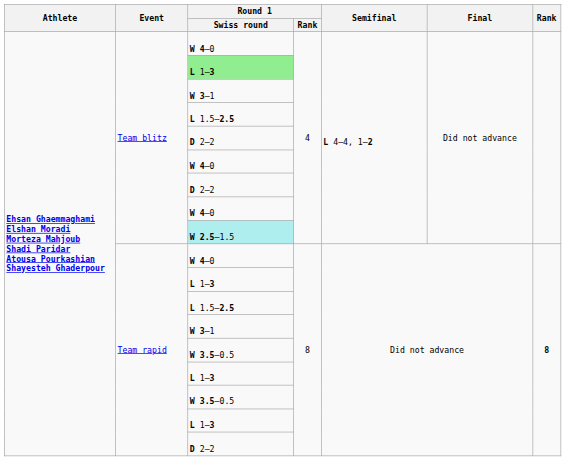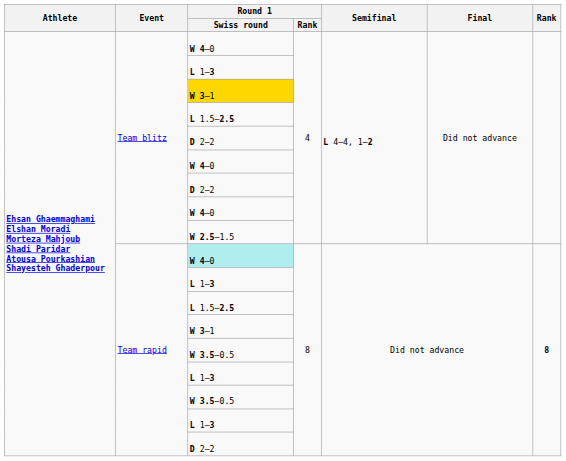 <table class="wikitable" width="90%" style="text-align:left; font-size:90%">
 <tr>
 <th rowspan="2" width="20%">Athlete</th>
 <th rowspan="2" width="13%">Event</th>
 <th colspan="2">Round 1</th>
 <th rowspan="2" width="19%">Semifinal</th>
 <th rowspan="2" width="19%">Final</th>
 <th rowspan="2" width="5%">Rank</th>
 </tr>
 <tr>
 <th width="19%">Swiss round</th>
 <th width="5%">Rank</th>
 </tr>
 <tr>
 <td rowspan="18"><strong><a href='#'>Ehsan Ghaemmaghami</a><br><a href='#'>Elshan Moradi</a><br><a href='#'>Morteza Mahjoub</a><br><a href='#'>Shadi Paridar</a><br><a href='#'>Atousa Pourkashian</a><br><a href='#'>Shayesteh Ghaderpour</a></strong></td>
 <td rowspan="9"><a href='#'>Team blitz</a></td>
 <td><br><strong>W</strong> <strong>4</strong>–0</td>
 <td rowspan="9" align=center>4 <strong></strong></td>
 <td rowspan="9"><br><strong>L</strong> 4–4, 1–<strong>2</strong></td>
 <td rowspan="9" align=center>Did not advance</td>
 <td rowspan="9" align="center"></td>
 </tr>
 <tr>
-<td style="background: lightgreen;"><br><strong>L</strong> 1–<strong>3</strong></td>
+<td><br><strong>L</strong> 1–<strong>3</strong></td>
 </tr>
 <tr>
-<td><br><strong>W</strong> <strong>3</strong>–1</td>
+<td style="background: gold;"><br><strong>W</strong> <strong>3</strong>–1</td>
 </tr>
 <tr>
 <td><br><strong>L</strong> 1.5–<strong>2.5</strong></td>
 </tr>
 <tr>
 <td><br><strong>D</strong> 2–2</td>
 </tr>
 <tr>
 <td><br><strong>W</strong> <strong>4</strong>–0</td>
 </tr>
 <tr>
 <td><br><strong>D</strong> 2–2</td>
 </tr>
 <tr>
 <td><br><strong>W</strong> <strong>4</strong>–0</td>
 </tr>
 <tr>
-<td style="background: paleturquoise;"><br><strong>W</strong> <strong>2.5</strong>–1.5</td>
+<td><br><strong>W</strong> <strong>2.5</strong>–1.5</td>
 </tr>
 <tr>
 <td rowspan="9"><a href='#'>Team rapid</a></td>
-<td><br><strong>W</strong> <strong>4</strong>–0</td>
+<td style="background: paleturquoise;"><br><strong>W</strong> <strong>4</strong>–0</td>
 <td rowspan="9" align=center>8</td>
 <td rowspan="9" colspan=2 align=center>Did not advance</td>
 <td rowspan="9" align="center"><strong>8</strong></td>
 </tr>
 <tr>
 <td><br><strong>L</strong> 1–<strong>3</strong></td>
 </tr>
 <tr>
 <td><br><strong>L</strong> 1.5–<strong>2.5</strong></td>
 </tr>
 <tr>
 <td><br><strong>W</strong> <strong>3</strong>–1</td>
 </tr>
 <tr>
 <td><br><strong>W</strong> <strong>3.5</strong>–0.5</td>
 </tr>
 <tr>
 <td><br><strong>L</strong> 1–<strong>3</strong></td>
 </tr>
 <tr>
 <td><br><strong>W</strong> <strong>3.5</strong>–0.5</td>
 </tr>
 <tr>
 <td><br><strong>L</strong> 1–<strong>3</strong></td>
 </tr>
 <tr>
 <td><br><strong>D</strong> 2–2</td>
 </tr>
 </table>
